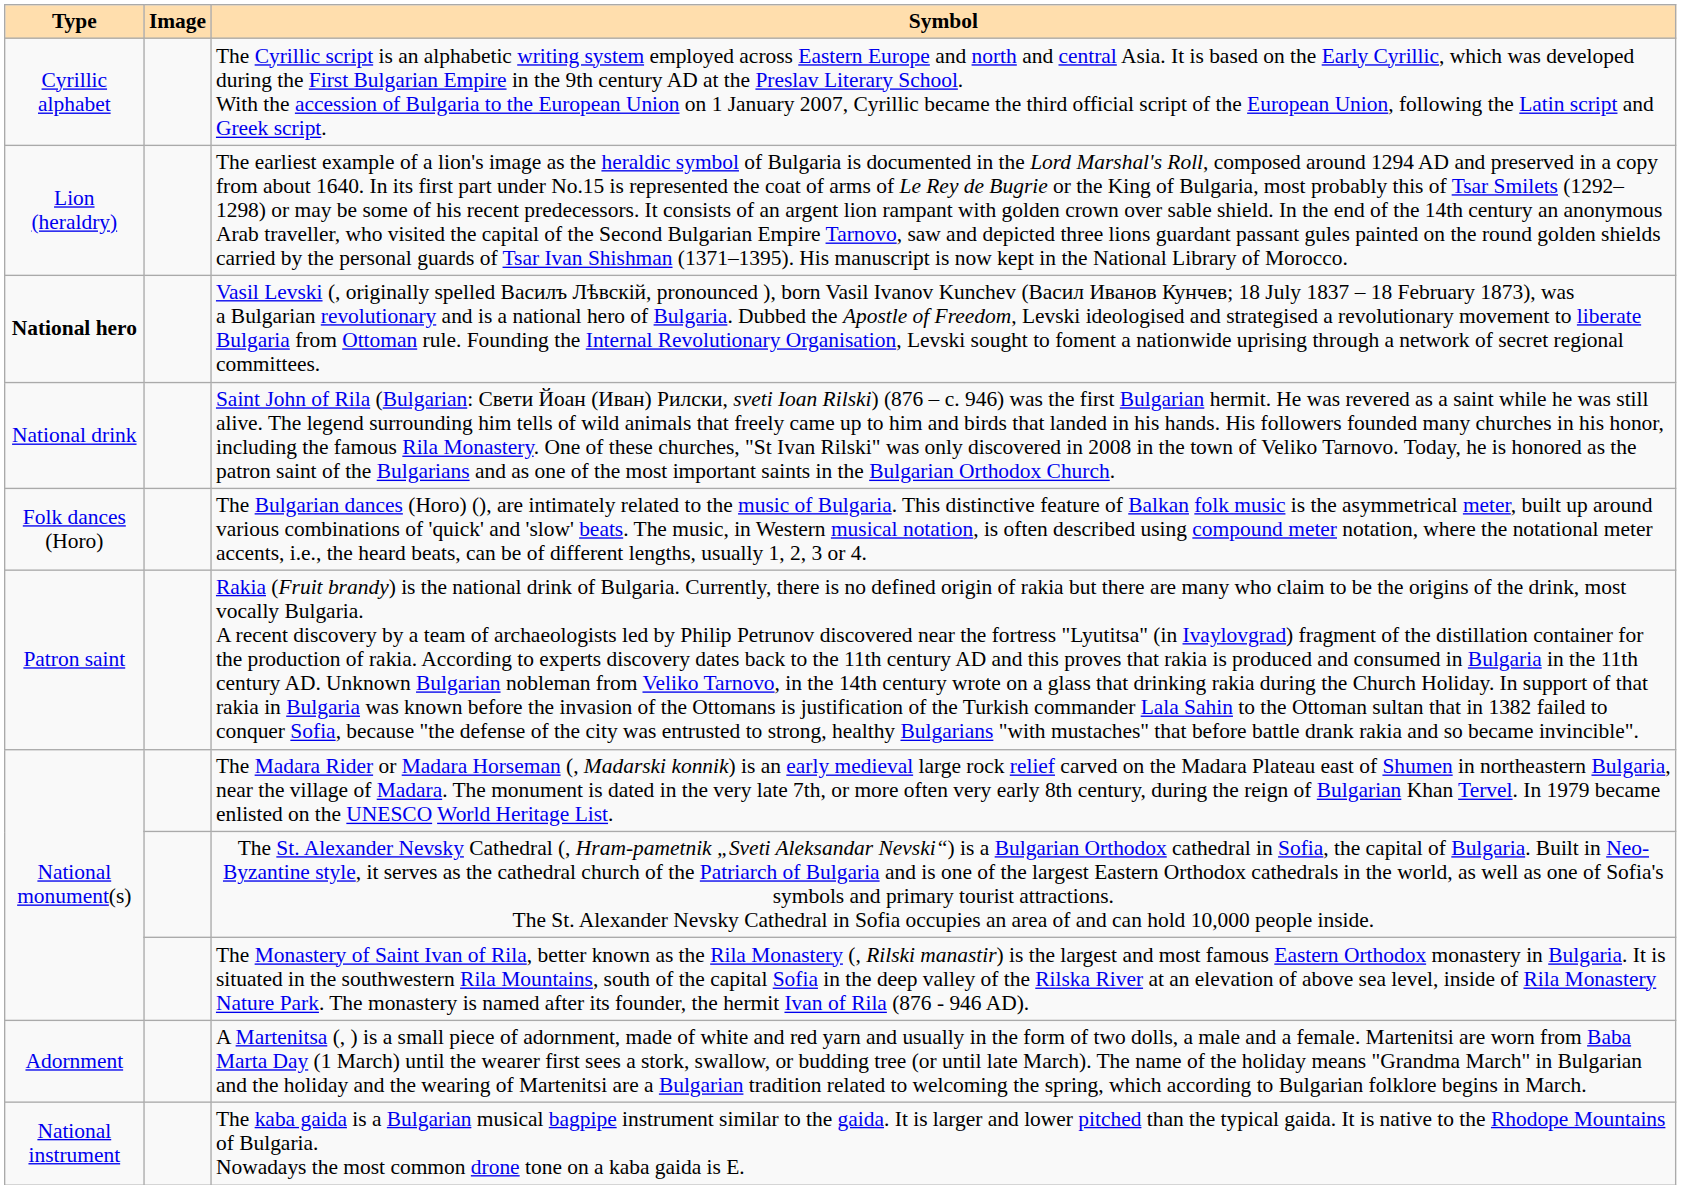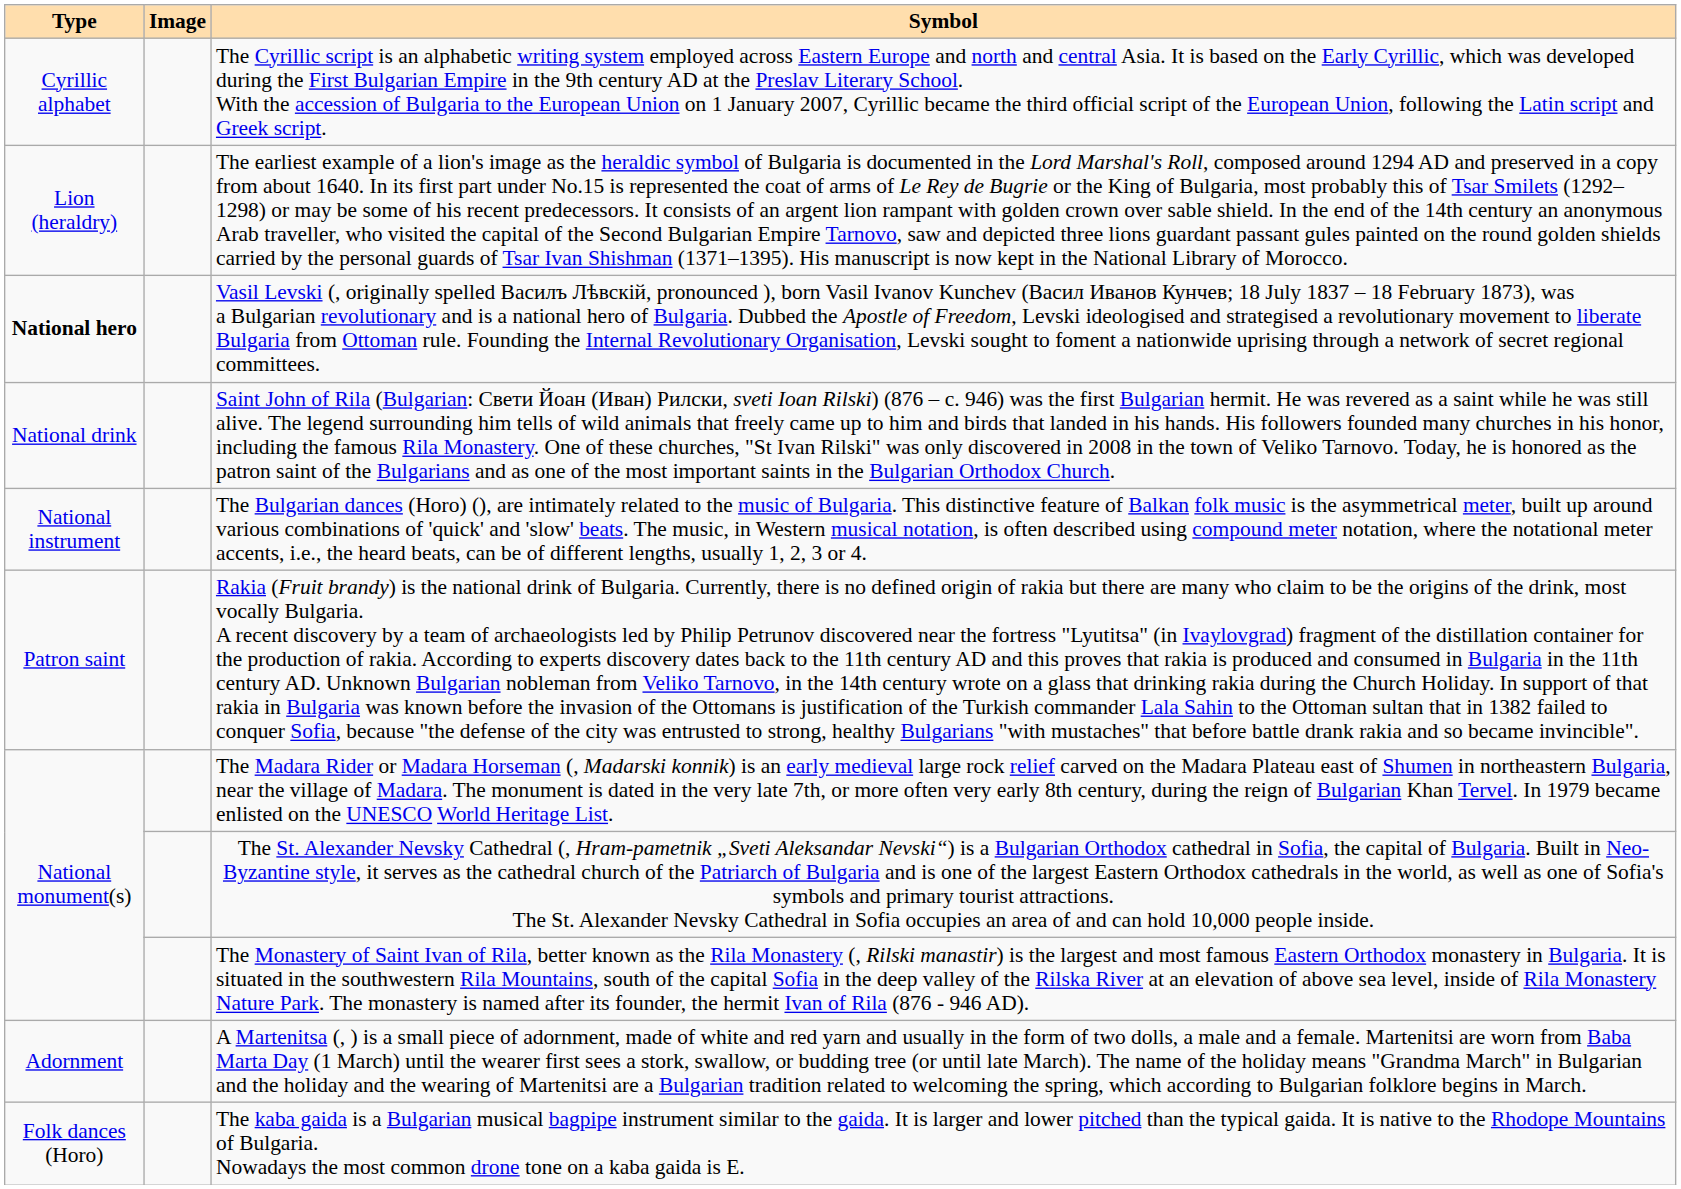 <table class="wikitable" style="text-align:center;">
 <tr>
 <th style=background:#FFDEAD;>Type</th>
 <th style=background:#FFDEAD;>Image</th>
 <th style=background:#FFDEAD;>Symbol</th>
 </tr>
 <tr>
 <td><a href='#'>Cyrillic alphabet</a></td>
 <td></td>
 <td style="text-align:left">The <a href='#'>Cyrillic script</a>  is an alphabetic <a href='#'>writing system</a> employed across <a href='#'>Eastern Europe</a> and <a href='#'>north</a> and <a href='#'>central</a> Asia. It is based on the <a href='#'>Early Cyrillic</a>, which was developed during the <a href='#'>First Bulgarian Empire</a> in the 9th century AD at the <a href='#'>Preslav Literary School</a>.<br>With the <a href='#'>accession of Bulgaria to the European Union</a> on 1 January 2007, Cyrillic became the third official script of the <a href='#'>European Union</a>, following the <a href='#'>Latin script</a> and <a href='#'>Greek script</a>.</td>
 </tr>
 <tr>
 <td><a href='#'>Lion (heraldry)</a></td>
 <td></td>
 <td style="text-align:left">The earliest example of a lion's image as the <a href='#'>heraldic symbol</a> of Bulgaria is documented in the <em>Lord Marshal's Roll</em>, composed around 1294 AD and preserved in a copy from about 1640. In its first part under No.15 is represented the coat of arms of <em>Le Rey de Bugrie</em> or the King of Bulgaria, most probably this of <a href='#'>Tsar Smilets</a> (1292–1298) or may be some of his recent predecessors. It consists of an argent lion rampant with golden crown over sable shield. In the end of the 14th century an anonymous Arab traveller, who visited the capital of the Second Bulgarian Empire <a href='#'>Tarnovo</a>, saw and depicted three lions guardant passant gules painted on the round golden shields carried by the personal guards of <a href='#'>Tsar Ivan Shishman</a> (1371–1395). His manuscript is now kept in the National Library of Morocco.</td>
 </tr>
 <tr>
 <td><strong>National hero</strong></td>
 <td></td>
 <td style="text-align:left"><a href='#'>Vasil Levski</a> (, originally spelled Василъ Лѣвскій, pronounced ), born Vasil Ivanov Kunchev (Васил Иванов Кунчев; 18 July 1837 – 18 February 1873), was a Bulgarian <a href='#'>revolutionary</a> and is a national hero of <a href='#'>Bulgaria</a>. Dubbed the <em>Apostle of Freedom</em>, Levski ideologised and strategised a revolutionary movement to <a href='#'>liberate Bulgaria</a> from <a href='#'>Ottoman</a> rule. Founding the <a href='#'>Internal Revolutionary Organisation</a>, Levski sought to foment a nationwide uprising through a network of secret regional committees.</td>
 </tr>
 <tr>
 <td><a href='#'>National drink</a></td>
 <td></td>
 <td style="text-align:left"><a href='#'>Saint John of Rila</a> (<a href='#'>Bulgarian</a>: Свети Йоан (Иван) Рилски, <em>sveti Ioan Rilski</em>) (876 – c. 946) was the first <a href='#'>Bulgarian</a> hermit. He was revered as a saint while he was still alive. The legend surrounding him tells of wild animals that freely came up to him and birds that landed in his hands.  His followers founded many churches in his honor, including the famous <a href='#'>Rila Monastery</a>. One of these churches, "St Ivan Rilski" was only discovered in 2008 in the town of Veliko Tarnovo. Today, he is honored as the patron saint of the <a href='#'>Bulgarians</a> and as one of the most important saints in the <a href='#'>Bulgarian Orthodox Church</a>.</td>
 </tr>
 <tr>
-<td><a href='#'>Folk dances</a> (Horo)</td>
+<td><a href='#'>National instrument</a></td>
 <td></td>
 <td style="text-align:left">The <a href='#'>Bulgarian dances</a> (Horo) (), are intimately related to the <a href='#'>music of Bulgaria</a>. This distinctive feature of <a href='#'>Balkan</a> <a href='#'>folk music</a> is the asymmetrical <a href='#'>meter</a>, built up around various combinations of 'quick' and 'slow' <a href='#'>beats</a>. The music, in Western <a href='#'>musical notation</a>, is often described using <a href='#'>compound meter</a> notation, where the notational meter accents, i.e., the heard beats, can be of different lengths, usually 1, 2, 3 or 4.</td>
 </tr>
 <tr>
 <td><a href='#'>Patron saint</a></td>
 <td></td>
 <td style="text-align:left"><a href='#'>Rakia</a> (<em>Fruit brandy</em>) is the national drink of Bulgaria. Currently, there is no defined origin of rakia but there are many who claim to be the origins of the drink, most vocally Bulgaria.<br>A recent discovery by a team of archaeologists led by Philip Petrunov discovered near the fortress "Lyutitsa" (in <a href='#'>Ivaylovgrad</a>) fragment of the distillation container for the production of rakia. According to experts discovery dates back to the 11th century AD and this proves that rakia is produced and consumed in <a href='#'>Bulgaria</a> in the 11th century AD. Unknown <a href='#'>Bulgarian</a> nobleman from <a href='#'>Veliko Tarnovo</a>, in the 14th century wrote on a glass that drinking rakia during the Church Holiday. In support of that rakia in <a href='#'>Bulgaria</a> was known before the invasion of the Ottomans is justification of the Turkish commander <a href='#'>Lala Sahin</a> to the Ottoman sultan that in 1382 failed to conquer <a href='#'>Sofia</a>, because "the defense of the city was entrusted to strong, healthy <a href='#'>Bulgarians</a> "with mustaches" that before battle drank rakia and so became invincible".</td>
 </tr>
 <tr>
 <td rowspan="3"><a href='#'>National monument</a>(s)</td>
 <td></td>
 <td style="text-align:left">The <a href='#'>Madara Rider</a> or <a href='#'>Madara Horseman</a> (, <em>Madarski konnik</em>) is an <a href='#'>early medieval</a> large rock <a href='#'>relief</a> carved on the Madara Plateau east of <a href='#'>Shumen</a> in northeastern <a href='#'>Bulgaria</a>, near the village of <a href='#'>Madara</a>. The monument is dated in the very late 7th, or more often very early 8th century, during the reign of <a href='#'>Bulgarian</a> Khan <a href='#'>Tervel</a>. In 1979 became enlisted on the <a href='#'>UNESCO</a> <a href='#'>World Heritage List</a>.</td>
 </tr>
 <tr>
 <td></td>
 <td>The <a href='#'>St. Alexander Nevsky</a> Cathedral (, <em>Hram-pametnik „Sveti Aleksandar Nevski“</em>) is a <a href='#'>Bulgarian Orthodox</a> cathedral in <a href='#'>Sofia</a>, the capital of <a href='#'>Bulgaria</a>. Built in <a href='#'>Neo-Byzantine style</a>, it serves as the cathedral church of the <a href='#'>Patriarch of Bulgaria</a> and is one of the largest Eastern Orthodox cathedrals in the world, as well as one of Sofia's symbols and primary tourist attractions.<br>The St. Alexander Nevsky Cathedral in Sofia occupies an area of  and can hold 10,000 people inside.</td>
 </tr>
 <tr>
 <td></td>
 <td style="text-align:left">The <a href='#'>Monastery of Saint Ivan of Rila</a>, better known as the <a href='#'>Rila Monastery</a> (, <em>Rilski manastir</em>) is the largest and most famous <a href='#'>Eastern Orthodox</a> monastery in <a href='#'>Bulgaria</a>. It is situated in the southwestern <a href='#'>Rila Mountains</a>,  south of the capital <a href='#'>Sofia</a> in the deep valley of the <a href='#'>Rilska River</a> at an elevation of  above sea level, inside of <a href='#'>Rila Monastery Nature Park</a>. The monastery is named after its founder, the hermit <a href='#'>Ivan of Rila</a> (876 - 946 AD).</td>
 </tr>
 <tr>
 <td><a href='#'>Adornment</a></td>
 <td></td>
 <td style="text-align:left">A <a href='#'>Martenitsa</a> (, ) is a small piece of adornment, made of white and red yarn and usually in the form of two dolls, a male and a female. Martenitsi are worn from <a href='#'>Baba Marta Day</a> (1 March) until the wearer first sees a stork, swallow, or budding tree (or until late March). The name of the holiday means "Grandma March" in Bulgarian and the holiday and the wearing of Martenitsi are a <a href='#'>Bulgarian</a> tradition related to welcoming the spring, which according to Bulgarian folklore begins in March.</td>
 </tr>
 <tr>
-<td><a href='#'>National instrument</a></td>
+<td><a href='#'>Folk dances</a> (Horo)</td>
 <td></td>
 <td style="text-align:left">The <a href='#'>kaba gaida</a> is a <a href='#'>Bulgarian</a> musical <a href='#'>bagpipe</a> instrument similar to the <a href='#'>gaida</a>. It is larger and lower <a href='#'>pitched</a> than the typical gaida. It is native to the <a href='#'>Rhodope Mountains</a> of Bulgaria.<br>Nowadays the most common <a href='#'>drone</a> tone on a kaba gaida is E.</td>
 </tr>
 </table>
